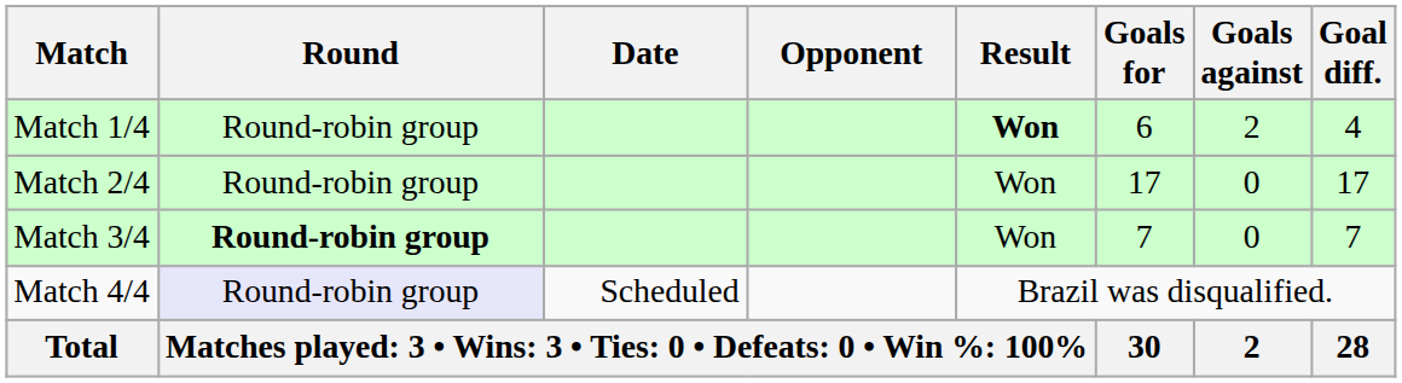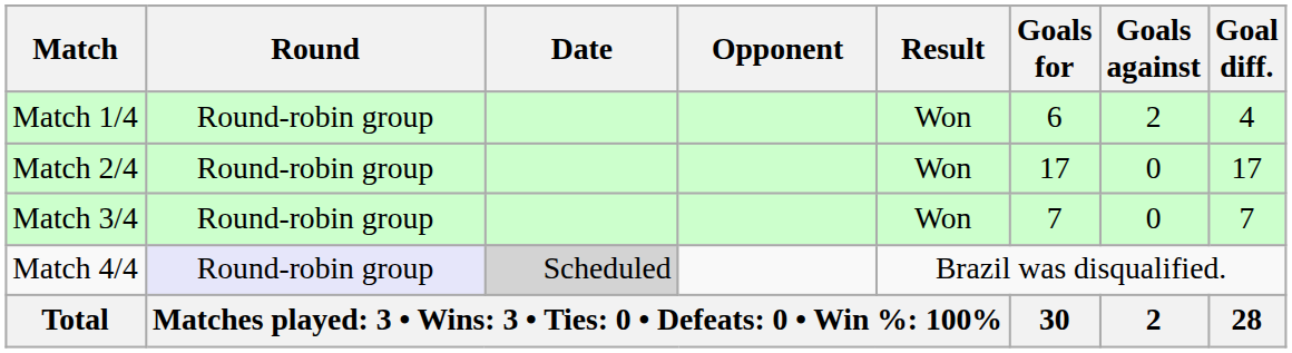 <table class="wikitable sortable" style="text-align: center; font-size: 85%; margin-left: 1em;">
 <tr>
 <th>Match</th>
 <th>Round</th>
 <th>Date</th>
 <th>Opponent</th>
 <th>Result</th>
 <th>Goals<br>for</th>
 <th>Goals<br>against</th>
 <th>Goal<br>diff.</th>
 </tr>
 <tr style="background-color: #ccffcc;">
 <td>Match 1/4</td>
 <td>Round-robin group</td>
 <td style="text-align: right;"></td>
 <td style="text-align: left;"></td>
-<td><strong>Won</strong></td>
+<td>Won</td>
 <td>6</td>
 <td>2</td>
 <td>4</td>
 </tr>
 <tr style="background-color: #ccffcc;">
 <td>Match 2/4</td>
 <td>Round-robin group</td>
 <td style="text-align: right;"></td>
 <td style="text-align: left;"></td>
 <td>Won</td>
 <td>17</td>
 <td>0</td>
 <td>17</td>
 </tr>
 <tr style="background-color: #ccffcc;">
 <td>Match 3/4</td>
-<td><strong>Round-robin group</strong></td>
+<td>Round-robin group</td>
 <td style="text-align: right;"></td>
 <td style="text-align: left;"></td>
 <td>Won</td>
 <td>7</td>
 <td>0</td>
 <td>7</td>
 </tr>
 <tr>
 <td>Match 4/4</td>
 <td style="background: lavender;">Round-robin group</td>
-<td style="text-align: right;">Scheduled</td>
+<td style="background: lightgrey; text-align: right;">Scheduled</td>
 <td style="text-align: left;"></td>
 <td colspan="4">Brazil was disqualified.</td>
 </tr>
 <tr>
 <th>Total</th>
 <th colspan="4">Matches played: 3 • Wins: 3 • Ties: 0 • Defeats: 0 • Win %: 100%</th>
 <th>30</th>
 <th>2</th>
 <th>28</th>
 </tr>
 </table>
